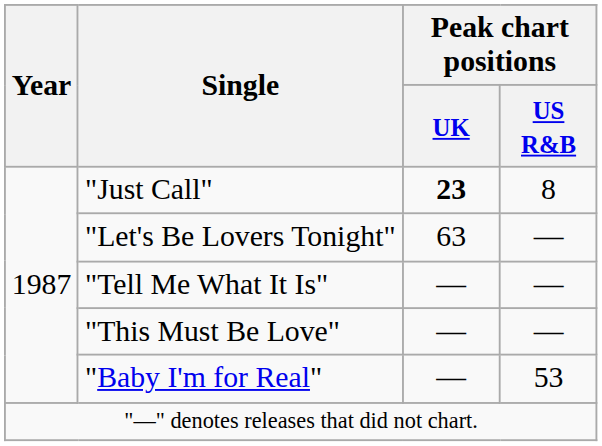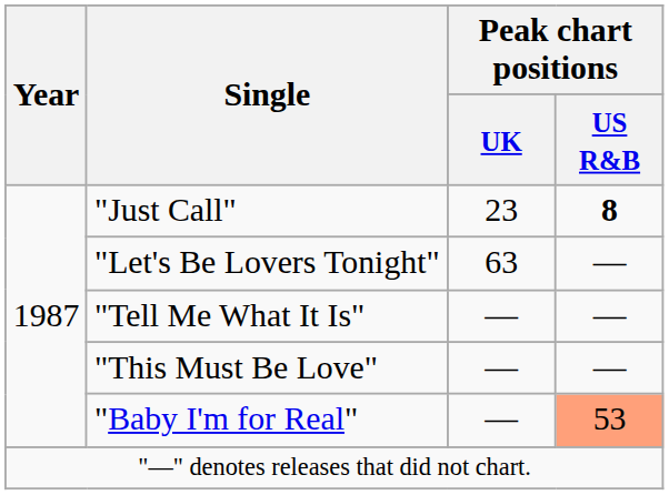 <table class="wikitable">
 <tr>
 <th scope="col" rowspan="2">Year</th>
 <th scope="col" rowspan="2">Single</th>
 <th scope="col" colspan="2">Peak chart positions</th>
 </tr>
 <tr>
 <th style="width:45px;"><small><a href='#'>UK</a></small><br></th>
 <th style="width:45px;"><small><a href='#'>US R&B</a></small><br></th>
 </tr>
 <tr>
 <td rowspan="5">1987</td>
 <td>"Just Call"</td>
-<td align=center><strong>23</strong></td>
-<td align=center>8</td>
+<td align=center>23</td>
+<td align=center><strong>8</strong></td>
 </tr>
 <tr>
 <td>"Let's Be Lovers Tonight"</td>
 <td align=center>63</td>
 <td align=center>—</td>
 </tr>
 <tr>
 <td>"Tell Me What It Is"</td>
 <td align=center>—</td>
 <td align=center>—</td>
 </tr>
 <tr>
 <td>"This Must Be Love"</td>
 <td align=center>—</td>
 <td align=center>—</td>
 </tr>
 <tr>
 <td>"<a href='#'>Baby I'm for Real</a>"</td>
 <td align=center>—</td>
-<td align=center>53</td>
+<td align=center style="background: lightsalmon;">53</td>
 </tr>
 <tr>
 <td colspan="4" style="text-align:center; font-size:9pt;">"—" denotes releases that did not chart.</td>
 </tr>
 </table>
